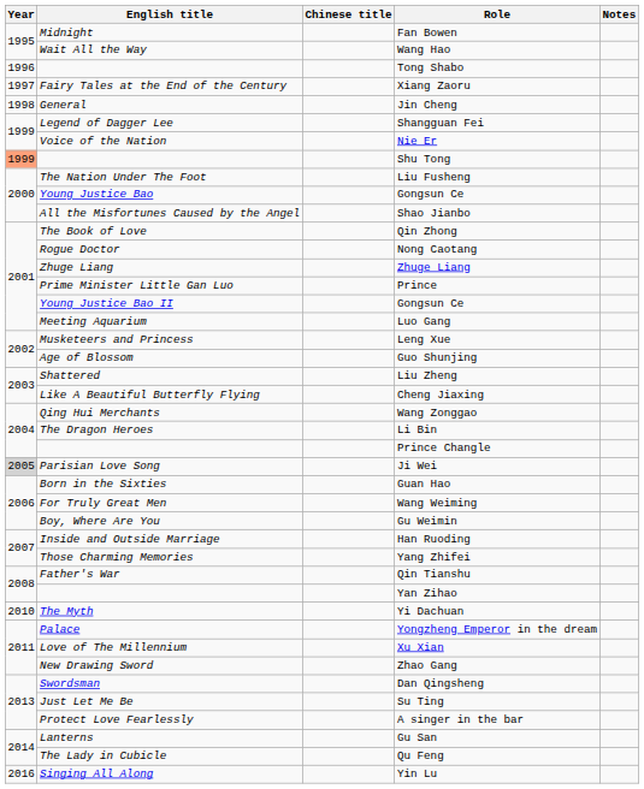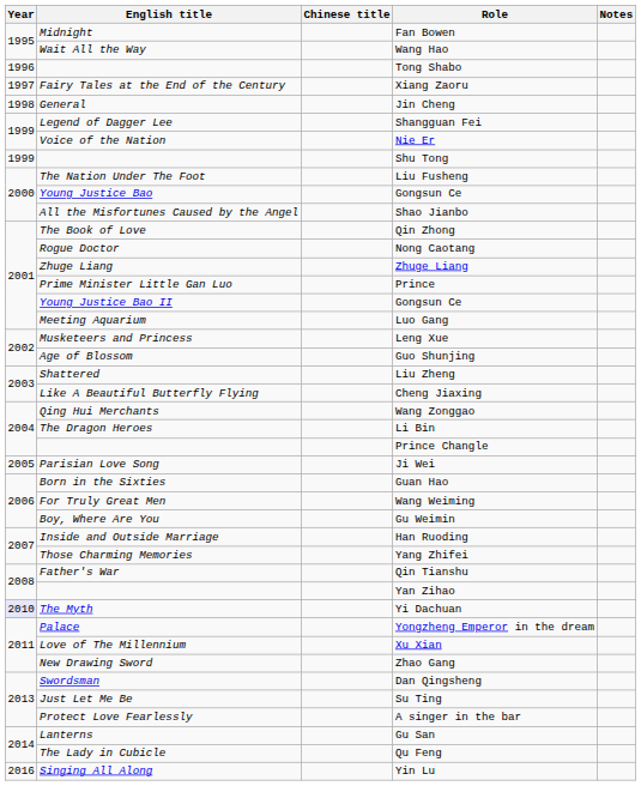 <table class="wikitable">
 <tr>
 <th>Year</th>
 <th>English title</th>
 <th>Chinese title</th>
 <th>Role</th>
 <th>Notes</th>
 </tr>
 <tr>
 <td rowspan="2">1995</td>
 <td><em>Midnight</em></td>
 <td></td>
 <td>Fan Bowen</td>
 <td></td>
 </tr>
 <tr>
 <td><em>Wait All the Way</em></td>
 <td></td>
 <td>Wang Hao</td>
 <td></td>
 </tr>
 <tr>
 <td>1996</td>
 <td></td>
 <td></td>
 <td>Tong Shabo</td>
 <td></td>
 </tr>
 <tr>
 <td>1997</td>
 <td><em>Fairy Tales at the End of the Century</em></td>
 <td></td>
 <td>Xiang Zaoru</td>
 <td></td>
 </tr>
 <tr>
 <td>1998</td>
 <td><em>General</em></td>
 <td></td>
 <td>Jin Cheng</td>
 <td></td>
 </tr>
 <tr>
 <td rowspan="2">1999</td>
 <td><em>Legend of Dagger Lee</em></td>
 <td></td>
 <td>Shangguan Fei</td>
 <td></td>
 </tr>
 <tr>
 <td><em>Voice of the Nation</em></td>
 <td></td>
 <td><a href='#'>Nie Er</a></td>
 <td></td>
 </tr>
 <tr>
-<td style="background: lightsalmon;">1999</td>
+<td>1999</td>
 <td></td>
 <td></td>
 <td>Shu Tong</td>
 <td></td>
 </tr>
 <tr>
 <td rowspan="3">2000</td>
 <td><em>The Nation Under The Foot</em></td>
 <td></td>
 <td>Liu Fusheng</td>
 <td></td>
 </tr>
 <tr>
 <td><em><a href='#'>Young Justice Bao</a></em></td>
 <td></td>
 <td>Gongsun Ce</td>
 <td></td>
 </tr>
 <tr>
 <td><em>All the Misfortunes Caused by the Angel</em></td>
 <td></td>
 <td>Shao Jianbo</td>
 <td></td>
 </tr>
 <tr>
 <td rowspan="6">2001</td>
 <td><em>The Book of Love</em></td>
 <td></td>
 <td>Qin Zhong</td>
 <td></td>
 </tr>
 <tr>
 <td><em>Rogue Doctor</em></td>
 <td></td>
 <td>Nong Caotang</td>
 <td></td>
 </tr>
 <tr>
 <td><em>Zhuge Liang</em></td>
 <td></td>
 <td><a href='#'>Zhuge Liang</a></td>
 <td></td>
 </tr>
 <tr>
 <td><em>Prime Minister Little Gan Luo</em></td>
 <td></td>
 <td>Prince</td>
 <td></td>
 </tr>
 <tr>
 <td><em><a href='#'>Young Justice Bao II</a></em></td>
 <td></td>
 <td>Gongsun Ce</td>
 <td></td>
 </tr>
 <tr>
 <td><em>Meeting Aquarium</em></td>
 <td></td>
 <td>Luo Gang</td>
 <td></td>
 </tr>
 <tr>
 <td rowspan="2">2002</td>
 <td><em>Musketeers and Princess</em></td>
 <td></td>
 <td>Leng Xue</td>
 <td></td>
 </tr>
 <tr>
 <td><em>Age of Blossom</em></td>
 <td></td>
 <td>Guo Shunjing</td>
 <td></td>
 </tr>
 <tr>
 <td rowspan="2">2003</td>
 <td><em>Shattered</em></td>
 <td></td>
 <td>Liu Zheng</td>
 <td></td>
 </tr>
 <tr>
 <td><em>Like A Beautiful Butterfly Flying</em></td>
 <td></td>
 <td>Cheng Jiaxing</td>
 <td></td>
 </tr>
 <tr>
 <td rowspan="3">2004</td>
 <td><em>Qing Hui Merchants</em></td>
 <td></td>
 <td>Wang Zonggao</td>
 <td></td>
 </tr>
 <tr>
 <td><em>The Dragon Heroes</em></td>
 <td></td>
 <td>Li Bin</td>
 <td></td>
 </tr>
 <tr>
 <td></td>
 <td></td>
 <td>Prince Changle</td>
 <td></td>
 </tr>
 <tr>
-<td style="background: lightgrey;">2005</td>
+<td>2005</td>
 <td><em>Parisian Love Song</em></td>
 <td></td>
 <td>Ji Wei</td>
 <td></td>
 </tr>
 <tr>
 <td rowspan="3">2006</td>
 <td><em>Born in the Sixties</em></td>
 <td></td>
 <td>Guan Hao</td>
 <td></td>
 </tr>
 <tr>
 <td><em>For Truly Great Men</em></td>
 <td></td>
 <td>Wang Weiming</td>
 <td></td>
 </tr>
 <tr>
 <td><em>Boy, Where Are You</em></td>
 <td></td>
 <td>Gu Weimin</td>
 <td></td>
 </tr>
 <tr>
 <td rowspan="2">2007</td>
 <td><em>Inside and Outside Marriage</em></td>
 <td></td>
 <td>Han Ruoding</td>
 <td></td>
 </tr>
 <tr>
 <td><em>Those Charming Memories</em></td>
 <td></td>
 <td>Yang Zhifei</td>
 <td></td>
 </tr>
 <tr>
 <td rowspan="2">2008</td>
 <td><em>Father's War</em></td>
 <td></td>
 <td>Qin Tianshu</td>
 <td></td>
 </tr>
 <tr>
 <td></td>
 <td></td>
 <td>Yan Zihao</td>
 <td></td>
 </tr>
 <tr>
-<td>2010</td>
+<td style="background: lavender;">2010</td>
 <td><em><a href='#'>The Myth</a></em></td>
 <td></td>
 <td>Yi Dachuan</td>
 <td></td>
 </tr>
 <tr>
 <td rowspan="3">2011</td>
 <td><em><a href='#'>Palace</a></em></td>
 <td></td>
 <td><a href='#'>Yongzheng Emperor</a> in the dream</td>
 <td></td>
 </tr>
 <tr>
 <td><em>Love of The Millennium</em></td>
 <td></td>
 <td><a href='#'>Xu Xian</a></td>
 <td></td>
 </tr>
 <tr>
 <td><em>New Drawing Sword</em></td>
 <td></td>
 <td>Zhao Gang</td>
 <td></td>
 </tr>
 <tr>
 <td rowspan="3">2013</td>
 <td><em><a href='#'>Swordsman</a></em></td>
 <td></td>
 <td>Dan Qingsheng</td>
 <td></td>
 </tr>
 <tr>
 <td><em>Just Let Me Be</em></td>
 <td></td>
 <td>Su Ting</td>
 <td></td>
 </tr>
 <tr>
 <td><em>Protect Love Fearlessly</em></td>
 <td></td>
 <td>A singer in the bar</td>
 <td></td>
 </tr>
 <tr>
 <td rowspan="2">2014</td>
 <td><em>Lanterns</em></td>
 <td></td>
 <td>Gu San</td>
 <td></td>
 </tr>
 <tr>
 <td><em>The Lady in Cubicle</em></td>
 <td></td>
 <td>Qu Feng</td>
 <td></td>
 </tr>
 <tr>
 <td>2016</td>
 <td><em><a href='#'>Singing All Along</a></em></td>
 <td></td>
 <td>Yin Lu</td>
 <td></td>
 </tr>
 </table>
